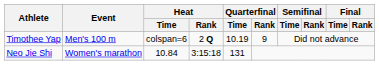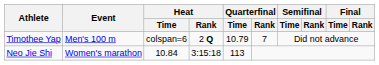 <table class=wikitable style="font-size:90%">
 <tr>
 <th rowspan="2">Athlete</th>
 <th rowspan="2">Event</th>
 <th colspan="2">Heat</th>
 <th colspan="2">Quarterfinal</th>
 <th colspan="2">Semifinal</th>
 <th colspan="2">Final</th>
 </tr>
 <tr style="font-size:95%">
 <th>Time</th>
 <th>Rank</th>
 <th>Time</th>
 <th>Rank</th>
 <th>Time</th>
 <th>Rank</th>
 <th>Time</th>
 <th>Rank</th>
 </tr>
 <tr align=center>
 <td align=left><a href='#'>Timothee Yap</a></td>
 <td align=left><a href='#'>Men's 100 m</a></td>
 <td>colspan=6 </td>
 <td>2 <strong>Q</strong></td>
-<td>10.19</td>
-<td>9</td>
+<td>10.79</td>
+<td>7</td>
 <td colspan=4>Did not advance</td>
 </tr>
 <tr align=center>
 <td align=left><a href='#'>Neo Jie Shi</a></td>
 <td align=left><a href='#'>Women's marathon</a></td>
 <td>10.84</td>
 <td>3:15:18</td>
-<td>131</td>
+<td>113</td>
 </tr>
 </table>
